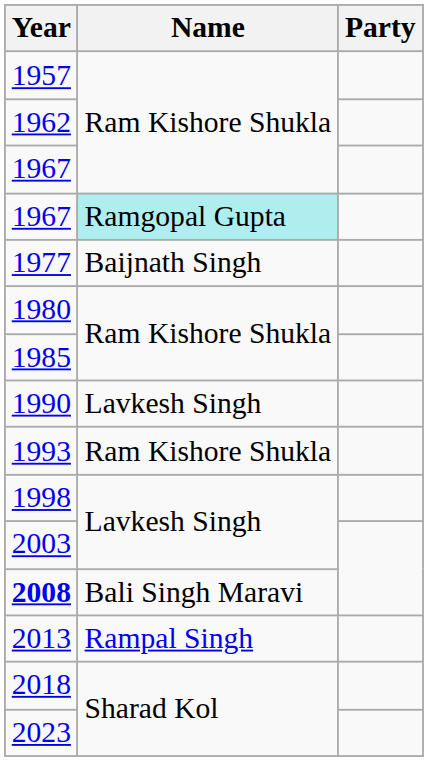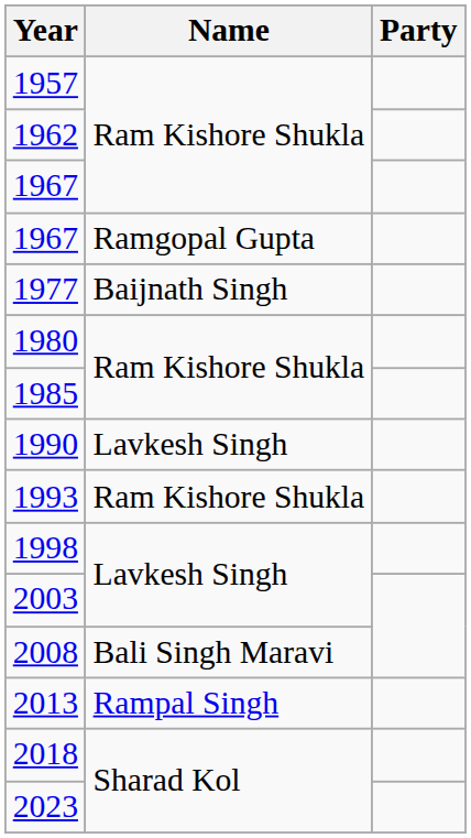 <table class="wikitable sortable">
 <tr>
 <th>Year</th>
 <th>Name</th>
 <th colspan=2>Party</th>
 </tr>
 <tr>
 <td><a href='#'>1957</a></td>
 <td rowspan=3>Ram Kishore Shukla</td>
 <td></td>
 </tr>
 <tr>
 <td><a href='#'>1962</a></td>
 <td></td>
 </tr>
 <tr>
 <td><a href='#'>1967</a></td>
 <td></td>
 </tr>
 <tr>
 <td><a href='#'>1967</a></td>
-<td style="background: paleturquoise;">Ramgopal Gupta</td>
+<td>Ramgopal Gupta</td>
 <td></td>
 </tr>
 <tr>
 <td><a href='#'>1977</a></td>
 <td>Baijnath Singh</td>
 <td></td>
 </tr>
 <tr>
 <td><a href='#'>1980</a></td>
 <td rowspan=2>Ram Kishore Shukla</td>
 <td></td>
 </tr>
 <tr>
 <td><a href='#'>1985</a></td>
 <td></td>
 </tr>
 <tr>
 <td><a href='#'>1990</a></td>
 <td>Lavkesh Singh</td>
 <td></td>
 </tr>
 <tr>
 <td><a href='#'>1993</a></td>
 <td>Ram Kishore Shukla</td>
 <td></td>
 </tr>
 <tr>
 <td><a href='#'>1998</a></td>
 <td rowspan=2>Lavkesh Singh</td>
 <td></td>
 </tr>
 <tr>
 <td><a href='#'>2003</a></td>
 </tr>
 <tr>
-<td><strong><a href='#'>2008</a></strong></td>
+<td><a href='#'>2008</a></td>
 <td>Bali Singh Maravi</td>
 </tr>
 <tr>
 <td><a href='#'>2013</a></td>
 <td><a href='#'>Rampal Singh</a></td>
 <td></td>
 </tr>
 <tr>
 <td><a href='#'>2018</a></td>
 <td rowspan="2">Sharad Kol</td>
 <td></td>
 </tr>
 <tr>
 <td><a href='#'>2023</a></td>
 </tr>
 </table>
